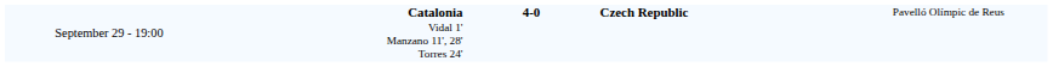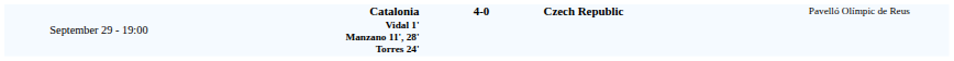 <table style="width: 100%; background:#F5FAFF;" cellspacing="0">
 <tr>
 <td style=font-size:95% align=center rowspan=3 width=20%>September 29 - 19:00</td>
 </tr>
 <tr>
 <td width=24% align=right><strong>Catalonia</strong></td>
 <td align=center width=13%><strong>4-0</strong></td>
 <td width=24%><strong>Czech Republic</strong></td>
 <td style=font-size:85% rowspan=3 valign=top align=center>Pavelló Olímpic de Reus</td>
 </tr>
 <tr style=font-size:85%>
-<td align=right valign=top>Vidal 1'<br>Manzano 11', 28'<br>Torres 24'</td>
+<td align=right valign=top><strong>Vidal 1'<br>Manzano 11', 28'<br>Torres 24'</strong></td>
 <td></td>
 <td valign=top></td>
 </tr>
 </table>
